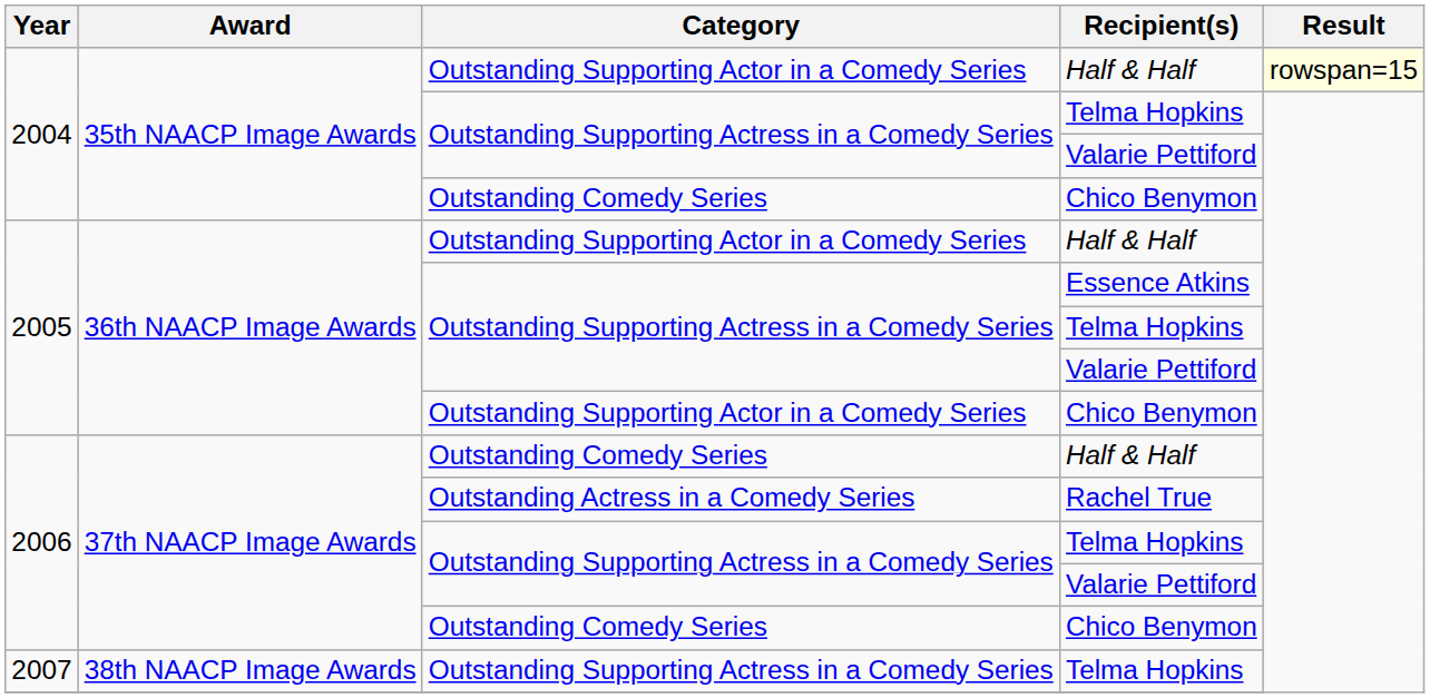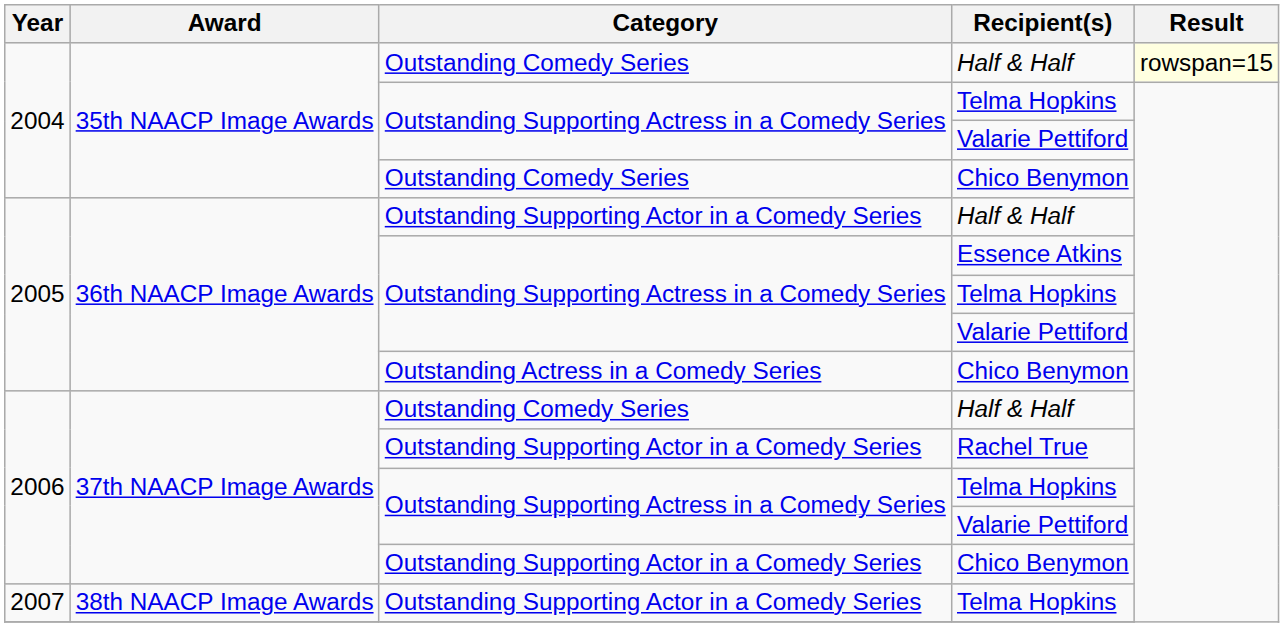 <table class="wikitable sortable plainrowheaders">
 <tr>
 <th>Year</th>
 <th>Award</th>
 <th>Category</th>
 <th>Recipient(s)</th>
 <th>Result</th>
 </tr>
 <tr>
 <td rowspan=4 style="text-align:center;">2004</td>
 <td rowspan=4><a href='#'>35th NAACP Image Awards</a></td>
-<td><a href='#'>Outstanding Supporting Actor in a Comedy Series</a></td>
+<td><a href='#'>Outstanding Comedy Series</a></td>
 <td><em>Half & Half</em></td>
 <td style="background: lightyellow;">rowspan=15 </td>
 </tr>
 <tr>
 <td rowspan=2><a href='#'>Outstanding Supporting Actress in a Comedy Series</a></td>
 <td><a href='#'>Telma Hopkins</a></td>
 </tr>
 <tr>
 <td><a href='#'>Valarie Pettiford</a></td>
 </tr>
 <tr>
 <td><a href='#'>Outstanding Comedy Series</a></td>
 <td><a href='#'>Chico Benymon</a></td>
 </tr>
 <tr>
 <td rowspan=5 style="text-align:center;">2005</td>
 <td rowspan=5><a href='#'>36th NAACP Image Awards</a></td>
 <td><a href='#'>Outstanding Supporting Actor in a Comedy Series</a></td>
 <td><em>Half & Half</em></td>
 </tr>
 <tr>
 <td rowspan=3><a href='#'>Outstanding Supporting Actress in a Comedy Series</a></td>
 <td><a href='#'>Essence Atkins</a></td>
 </tr>
 <tr>
 <td><a href='#'>Telma Hopkins</a></td>
 </tr>
 <tr>
 <td><a href='#'>Valarie Pettiford</a></td>
 </tr>
 <tr>
-<td><a href='#'>Outstanding Supporting Actor in a Comedy Series</a></td>
+<td><a href='#'>Outstanding Actress in a Comedy Series</a></td>
 <td><a href='#'>Chico Benymon</a></td>
 </tr>
 <tr>
 <td rowspan=5 style="text-align:center;">2006</td>
 <td rowspan=5><a href='#'>37th NAACP Image Awards</a></td>
 <td><a href='#'>Outstanding Comedy Series</a></td>
 <td><em>Half & Half</em></td>
 </tr>
 <tr>
-<td><a href='#'>Outstanding Actress in a Comedy Series</a></td>
+<td><a href='#'>Outstanding Supporting Actor in a Comedy Series</a></td>
 <td><a href='#'>Rachel True</a></td>
 </tr>
 <tr>
 <td rowspan=2><a href='#'>Outstanding Supporting Actress in a Comedy Series</a></td>
 <td><a href='#'>Telma Hopkins</a></td>
 </tr>
 <tr>
 <td><a href='#'>Valarie Pettiford</a></td>
 </tr>
 <tr>
-<td><a href='#'>Outstanding Comedy Series</a></td>
+<td><a href='#'>Outstanding Supporting Actor in a Comedy Series</a></td>
 <td><a href='#'>Chico Benymon</a></td>
 </tr>
 <tr>
 <td rowspan=1 style="text-align:center;">2007</td>
 <td rowspan=1><a href='#'>38th NAACP Image Awards</a></td>
-<td><a href='#'>Outstanding Supporting Actress in a Comedy Series</a></td>
+<td><a href='#'>Outstanding Supporting Actor in a Comedy Series</a></td>
 <td><a href='#'>Telma Hopkins</a></td>
 </tr>
 <tr>
 </tr>
 </table>
